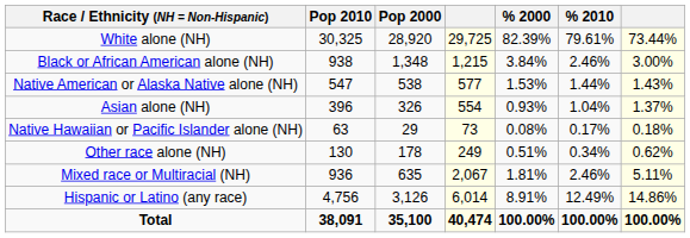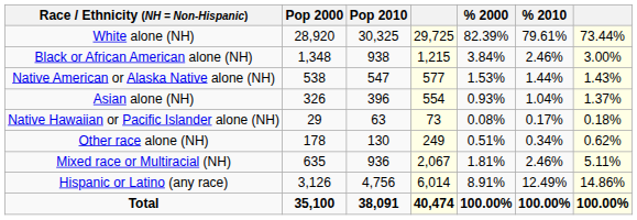 <table class="wikitable" style="text-align:center;">
 <tr>
 <th>Race / Ethnicity <small>(<em>NH = Non-Hispanic</em>)</small></th>
+<th>Pop 2000</th>
 <th>Pop 2010</th>
-<th>Pop 2000</th>
 <th></th>
 <th>% 2000</th>
 <th>% 2010</th>
 <th></th>
 </tr>
 <tr>
 <td><a href='#'>White</a> alone (NH)</td>
+<td>28,920</td>
 <td>30,325</td>
-<td>28,920</td>
 <td style='background: #ffffe6;'>29,725</td>
 <td>82.39%</td>
 <td>79.61%</td>
 <td style='background: #ffffe6;'>73.44%</td>
 </tr>
 <tr>
 <td><a href='#'>Black or African American</a> alone (NH)</td>
+<td>1,348</td>
 <td>938</td>
-<td>1,348</td>
 <td style='background: #ffffe6;'>1,215</td>
 <td>3.84%</td>
 <td>2.46%</td>
 <td style='background: #ffffe6;'>3.00%</td>
 </tr>
 <tr>
 <td><a href='#'>Native American</a> or <a href='#'>Alaska Native</a> alone (NH)</td>
+<td>538</td>
 <td>547</td>
-<td>538</td>
 <td style='background: #ffffe6;'>577</td>
 <td>1.53%</td>
 <td>1.44%</td>
 <td style='background: #ffffe6;'>1.43%</td>
 </tr>
 <tr>
 <td><a href='#'>Asian</a> alone (NH)</td>
+<td>326</td>
 <td>396</td>
-<td>326</td>
 <td style='background: #ffffe6;'>554</td>
 <td>0.93%</td>
 <td>1.04%</td>
 <td style='background: #ffffe6;'>1.37%</td>
 </tr>
 <tr>
 <td><a href='#'>Native Hawaiian</a> or <a href='#'>Pacific Islander</a> alone (NH)</td>
+<td>29</td>
 <td>63</td>
-<td>29</td>
 <td style='background: #ffffe6;'>73</td>
 <td>0.08%</td>
 <td>0.17%</td>
 <td style='background: #ffffe6;'>0.18%</td>
 </tr>
 <tr>
 <td><a href='#'>Other race</a> alone (NH)</td>
+<td>178</td>
 <td>130</td>
-<td>178</td>
 <td style='background: #ffffe6;'>249</td>
 <td>0.51%</td>
 <td>0.34%</td>
 <td style='background: #ffffe6;'>0.62%</td>
 </tr>
 <tr>
 <td><a href='#'>Mixed race or Multiracial</a> (NH)</td>
+<td>635</td>
 <td>936</td>
-<td>635</td>
 <td style='background: #ffffe6;'>2,067</td>
 <td>1.81%</td>
 <td>2.46%</td>
 <td style='background: #ffffe6;'>5.11%</td>
 </tr>
 <tr>
 <td><a href='#'>Hispanic or Latino</a> (any race)</td>
+<td>3,126</td>
 <td>4,756</td>
-<td>3,126</td>
 <td style='background: #ffffe6;'>6,014</td>
 <td>8.91%</td>
 <td>12.49%</td>
 <td style='background: #ffffe6;'>14.86%</td>
 </tr>
 <tr>
 <td><strong>Total</strong></td>
+<td><strong>35,100</strong></td>
 <td><strong>38,091</strong></td>
-<td><strong>35,100</strong></td>
 <td style='background: #ffffe6;'><strong>40,474</strong></td>
 <td><strong>100.00%</strong></td>
 <td><strong>100.00%</strong></td>
 <td style='background: #ffffe6;'><strong>100.00%</strong></td>
 </tr>
 </table>
